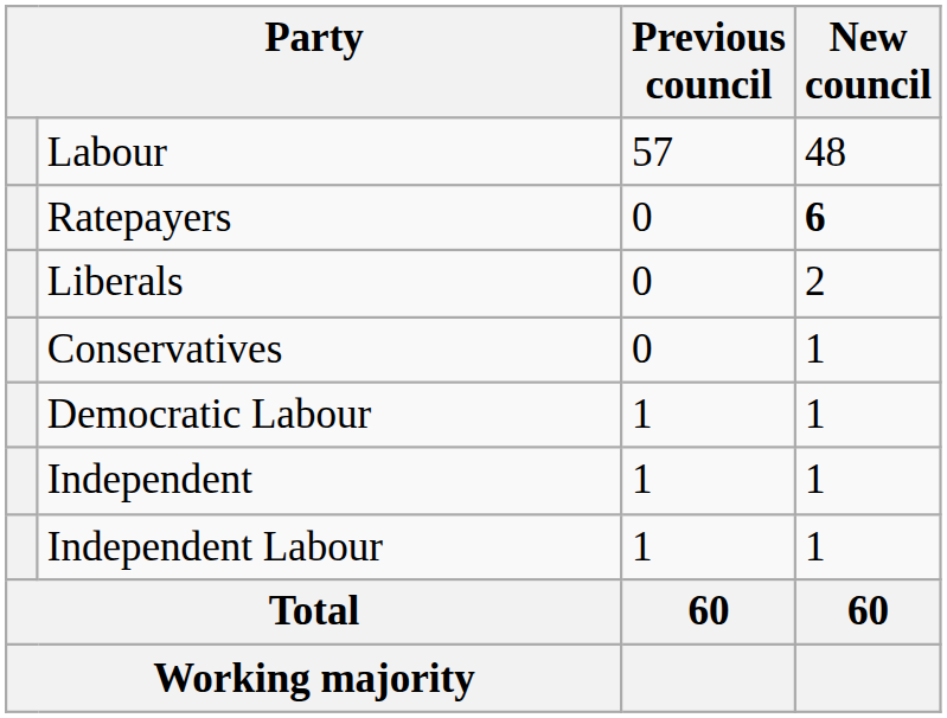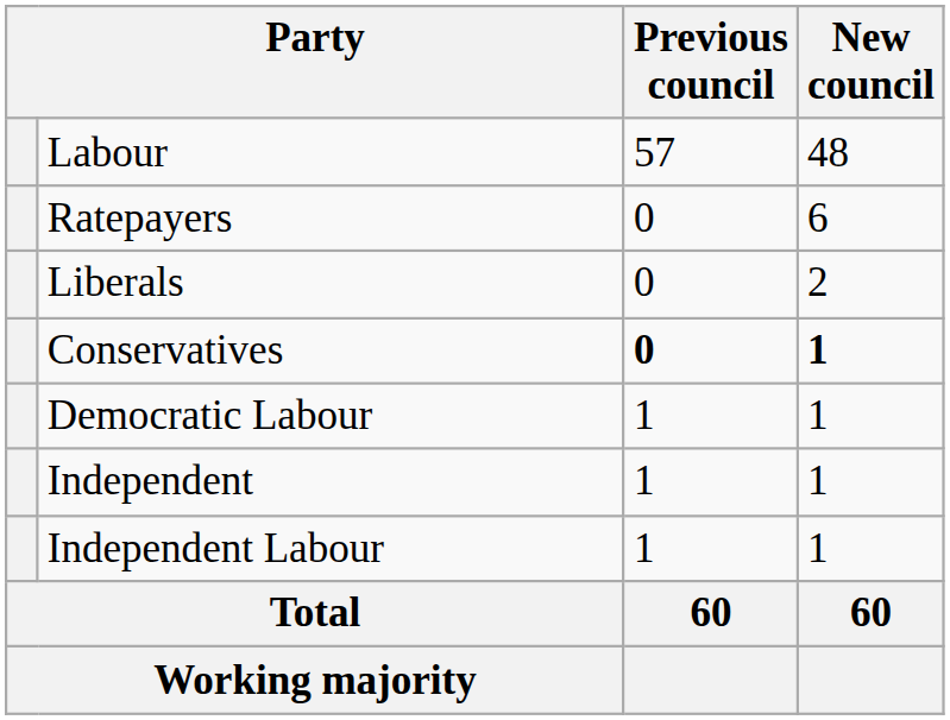 <table class="wikitable">
 <tr>
 <th valign=top colspan="2" style="width: 230px">Party</th>
 <th valign=top style="width: 30px">Previous council</th>
 <th valign=top style="width: 30px">New council</th>
 </tr>
 <tr>
 <th style="background-color: "></th>
 <td>Labour</td>
 <td>57</td>
 <td>48</td>
 </tr>
 <tr>
 <th style="background-color: "></th>
 <td>Ratepayers</td>
 <td>0</td>
-<td><strong>6</strong></td>
+<td>6</td>
 </tr>
 <tr>
 <th style="background-color: "></th>
 <td>Liberals</td>
 <td>0</td>
 <td>2</td>
 </tr>
 <tr>
 <th style="background-color: "></th>
 <td>Conservatives</td>
-<td>0</td>
-<td>1</td>
+<td><strong>0</strong></td>
+<td><strong>1</strong></td>
 </tr>
 <tr>
 <th style="background-color: "></th>
 <td>Democratic Labour</td>
 <td>1</td>
 <td>1</td>
 </tr>
 <tr>
 <th style="background-color: "></th>
 <td>Independent</td>
 <td>1</td>
 <td>1</td>
 </tr>
 <tr>
 <th style="background-color: "></th>
 <td>Independent Labour</td>
 <td>1</td>
 <td>1</td>
 </tr>
 <tr>
 <th colspan=2>Total</th>
 <th style="text-align: center">60</th>
 <th colspan=3>60</th>
 </tr>
 <tr>
 <th colspan=2>Working majority</th>
 <th></th>
 <th></th>
 </tr>
 </table>
